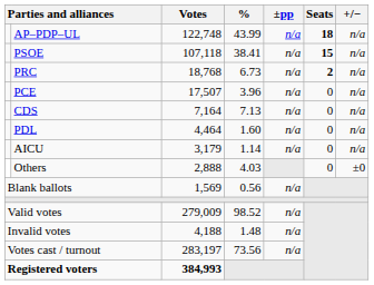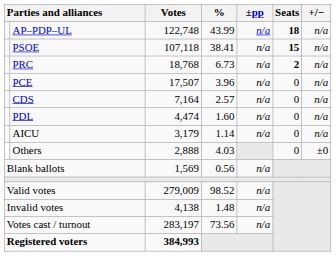 <table class="wikitable" style="text-align:right;">
 <tr>
 <th style="text-align:left;" colspan="2" width="200">Parties and alliances</th>
 <th width="75">Votes</th>
 <th width="45">%</th>
 <th width="45">±<a href='#'>pp</a></th>
 <th width="35">Seats</th>
 <th width="35">+/−</th>
 </tr>
 <tr>
 <td width="1" style="color:inherit;background:"></td>
 <td align="left"><a href='#'>AP–PDP–UL</a></td>
 <td>122,748</td>
 <td>43.99</td>
 <td><em><a href='#'>n/a</a></em></td>
 <td><strong>18</strong></td>
 <td><em>n/a</em></td>
 </tr>
 <tr>
 <td style="color:inherit;background:"></td>
 <td align="left"><a href='#'>PSOE</a></td>
 <td>107,118</td>
 <td>38.41</td>
 <td><em>n/a</em></td>
 <td><strong>15</strong></td>
 <td><em>n/a</em></td>
 </tr>
 <tr>
 <td style="color:inherit;background:"></td>
 <td align="left"><a href='#'>PRC</a></td>
 <td>18,768</td>
 <td>6.73</td>
 <td><em>n/a</em></td>
 <td><strong>2</strong></td>
 <td><em>n/a</em></td>
 </tr>
 <tr>
 <td style="color:inherit;background:"></td>
 <td align="left"><a href='#'>PCE</a></td>
 <td>17,507</td>
 <td>3.96</td>
 <td><em>n/a</em></td>
 <td>0</td>
 <td><em>n/a</em></td>
 </tr>
 <tr>
 <td style="color:inherit;background:"></td>
 <td align="left"><a href='#'>CDS</a></td>
 <td>7,164</td>
-<td>7.13</td>
+<td>2.57</td>
 <td><em>n/a</em></td>
 <td>0</td>
 <td><em>n/a</em></td>
 </tr>
 <tr>
 <td style="color:inherit;background:"></td>
 <td align="left"><a href='#'>PDL</a></td>
-<td>4,464</td>
+<td>4,474</td>
 <td>1.60</td>
 <td><em>n/a</em></td>
 <td>0</td>
 <td><em>n/a</em></td>
 </tr>
 <tr>
 <td style="color:inherit;background:"></td>
 <td align="left">AICU</td>
 <td>3,179</td>
 <td>1.14</td>
 <td><em>n/a</em></td>
 <td>0</td>
 <td><em>n/a</em></td>
 </tr>
 <tr>
 <td bgcolor="white"></td>
 <td align="left">Others</td>
 <td>2,888</td>
 <td>4.03</td>
 <td bgcolor="#E9E9E9"></td>
 <td>0</td>
 <td>±0</td>
 </tr>
 <tr>
 <td align="left" colspan="2">Blank ballots</td>
 <td>1,569</td>
 <td>0.56</td>
 <td><em>n/a</em></td>
 <td bgcolor="#E9E9E9" colspan="2"></td>
 </tr>
 <tr>
 <td colspan="7" bgcolor="#E9E9E9"></td>
 </tr>
 <tr>
 <td align="left" colspan="2">Valid votes</td>
 <td>279,009</td>
 <td>98.52</td>
 <td><em>n/a</em></td>
 <td bgcolor="#E9E9E9" colspan="2" rowspan="4"></td>
 </tr>
 <tr>
 <td align="left" colspan="2">Invalid votes</td>
-<td>4,188</td>
+<td>4,138</td>
 <td>1.48</td>
 <td><em>n/a</em></td>
 </tr>
 <tr>
 <td align="left" colspan="2">Votes cast / turnout</td>
 <td>283,197</td>
 <td>73.56</td>
 <td><em>n/a</em></td>
 </tr>
 <tr style="font-weight:bold;">
 <td align="left" colspan="2">Registered voters</td>
 <td>384,993</td>
 <td bgcolor="#E9E9E9" colspan="2"></td>
 </tr>
 </table>
